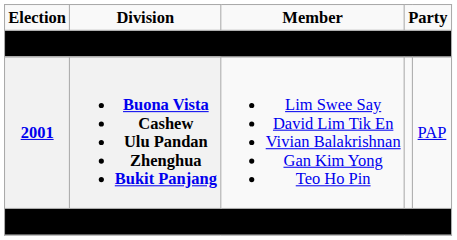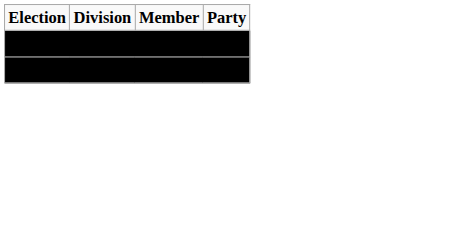 <table class="wikitable" align="center" style="text-align:center">
 <tr>
 <td><strong>Election </strong></td>
 <td><strong>Division </strong></td>
 <td><strong>Member</strong></td>
 <td colspan="2"><strong>Party</strong></td>
 </tr>
 <tr>
 <td colspan=5 bgcolor=black><span><strong>Formation (2001)</strong></span></td>
 </tr>
 <tr>
-<th><a href='#'>2001</a></th>
-<th><br><ul><li><a href='#'>Buona Vista</a></li><li>Cashew</li><li>Ulu Pandan</li><li>Zhenghua</li><li><a href='#'>Bukit Panjang</a></li></ul></th>
-<td><br><ul><li><a href='#'>Lim Swee Say</a></li><li><a href='#'>David Lim Tik En</a></li><li><a href='#'>Vivian Balakrishnan</a></li><li><a href='#'>Gan Kim Yong</a></li><li><a href='#'>Teo Ho Pin</a></li></ul></td>
-<td></td>
-<td><a href='#'>PAP</a></td>
-</tr>
-<tr>
 <td colspan=5 bgcolor=black><span><strong>Constituency abolished (2006)</strong></span></td>
 </tr>
 </table>
